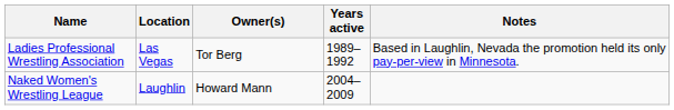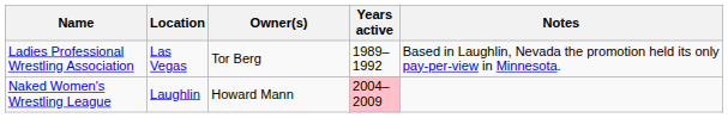 <table class="wikitable">
 <tr>
 <th style="width:20%;">Name</th>
 <th style="width:7%;">Location</th>
 <th style="width:20%;">Owner(s)</th>
 <th style="width:7%;">Years active</th>
 <th style="width:52%;">Notes</th>
 </tr>
 <tr>
 <td><a href='#'>Ladies Professional Wrestling Association</a></td>
 <td><a href='#'>Las Vegas</a></td>
 <td>Tor Berg</td>
 <td>1989–1992</td>
 <td>Based in Laughlin, Nevada the promotion held its only <a href='#'>pay-per-view</a> in <a href='#'>Minnesota</a>.</td>
 </tr>
 <tr>
 <td><a href='#'>Naked Women's Wrestling League</a></td>
 <td><a href='#'>Laughlin</a></td>
 <td>Howard Mann</td>
-<td>2004–2009</td>
+<td style="background: pink;">2004–2009</td>
 </tr>
 </table>
